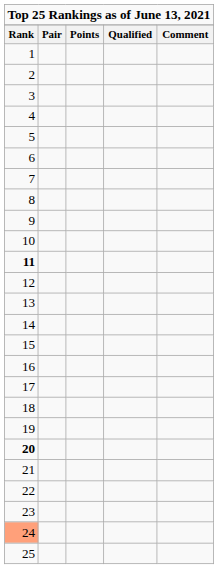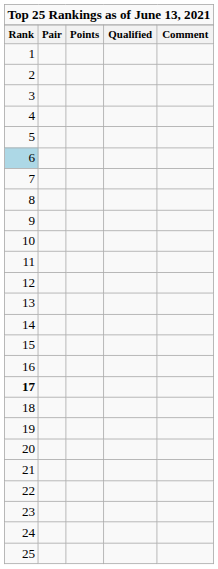 <table class="wikitable">
 <tr>
 <td colspan=5 align="center"><strong>Top 25 Rankings as of June 13, 2021</strong></td>
 </tr>
 <tr>
 </tr>
 <tr style="font-size:10pt;font-weight:bold">
 <th>Rank</th>
 <th>Pair</th>
 <th>Points</th>
 <th>Qualified</th>
 <th>Comment</th>
 </tr>
 <tr>
 <td align=right>1</td>
 <td></td>
 <td align=center></td>
 <td></td>
 <td></td>
 </tr>
 <tr>
 <td align=right>2</td>
 <td></td>
 <td align=center></td>
 <td></td>
 <td></td>
 </tr>
 <tr>
 <td align=right>3</td>
 <td></td>
 <td align=center></td>
 <td></td>
 <td></td>
 </tr>
 <tr>
 <td align=right>4</td>
 <td></td>
 <td align=center></td>
 <td></td>
 <td></td>
 </tr>
 <tr>
 <td align=right>5</td>
 <td></td>
 <td align=center></td>
 <td></td>
 <td></td>
 </tr>
 <tr>
-<td align=right>6</td>
+<td align=right style="background: lightblue;">6</td>
 <td></td>
 <td align=center></td>
 <td></td>
 <td></td>
 </tr>
 <tr>
 <td align=right>7</td>
 <td></td>
 <td align=center></td>
 <td></td>
 <td></td>
 </tr>
 <tr>
 <td align=right>8</td>
 <td></td>
 <td align=center></td>
 <td></td>
 <td></td>
 </tr>
 <tr>
 <td align=right>9</td>
 <td></td>
 <td align=center></td>
 <td></td>
 <td></td>
 </tr>
 <tr>
 <td align=right>10</td>
 <td></td>
 <td align=center></td>
 <td></td>
 <td></td>
 </tr>
 <tr>
-<td align=right><strong>11</strong></td>
+<td align=right>11</td>
 <td></td>
 <td align=center></td>
 <td></td>
 <td></td>
 </tr>
 <tr>
 <td align=right>12</td>
 <td></td>
 <td align=center></td>
 <td></td>
 <td></td>
 </tr>
 <tr>
 <td align=right>13</td>
 <td></td>
 <td align=center></td>
 <td></td>
 <td></td>
 </tr>
 <tr>
 <td align=right>14</td>
 <td></td>
 <td align=center></td>
 <td></td>
 <td></td>
 </tr>
 <tr>
 <td align=right>15</td>
 <td></td>
 <td align=center></td>
 <td></td>
 <td></td>
 </tr>
 <tr>
 <td align=right>16</td>
 <td></td>
 <td align=center></td>
 <td></td>
 <td></td>
 </tr>
 <tr>
-<td align=right>17</td>
+<td align=right><strong>17</strong></td>
 <td></td>
 <td align=center></td>
 <td></td>
 <td></td>
 </tr>
 <tr>
 <td align=right>18</td>
 <td></td>
 <td align=center></td>
 <td></td>
 <td></td>
 </tr>
 <tr>
 <td align=right>19</td>
 <td></td>
 <td align=center></td>
 <td></td>
 <td></td>
 </tr>
 <tr>
-<td align=right><strong>20</strong></td>
+<td align=right>20</td>
 <td></td>
 <td align=center></td>
 <td></td>
 <td></td>
 </tr>
 <tr>
 <td align=right>21</td>
 <td></td>
 <td align=center></td>
 <td></td>
 <td></td>
 </tr>
 <tr>
 <td align=right>22</td>
 <td></td>
 <td align=center></td>
 <td></td>
 <td></td>
 </tr>
 <tr>
 <td align=right>23</td>
 <td></td>
 <td align=center></td>
 <td></td>
 <td></td>
 </tr>
 <tr>
-<td align=right style="background: lightsalmon;">24</td>
+<td align=right>24</td>
 <td></td>
 <td align=center></td>
 <td></td>
 <td></td>
 </tr>
 <tr>
 <td align=right>25</td>
 <td></td>
 <td align=center></td>
 <td></td>
 <td></td>
 </tr>
 </table>
